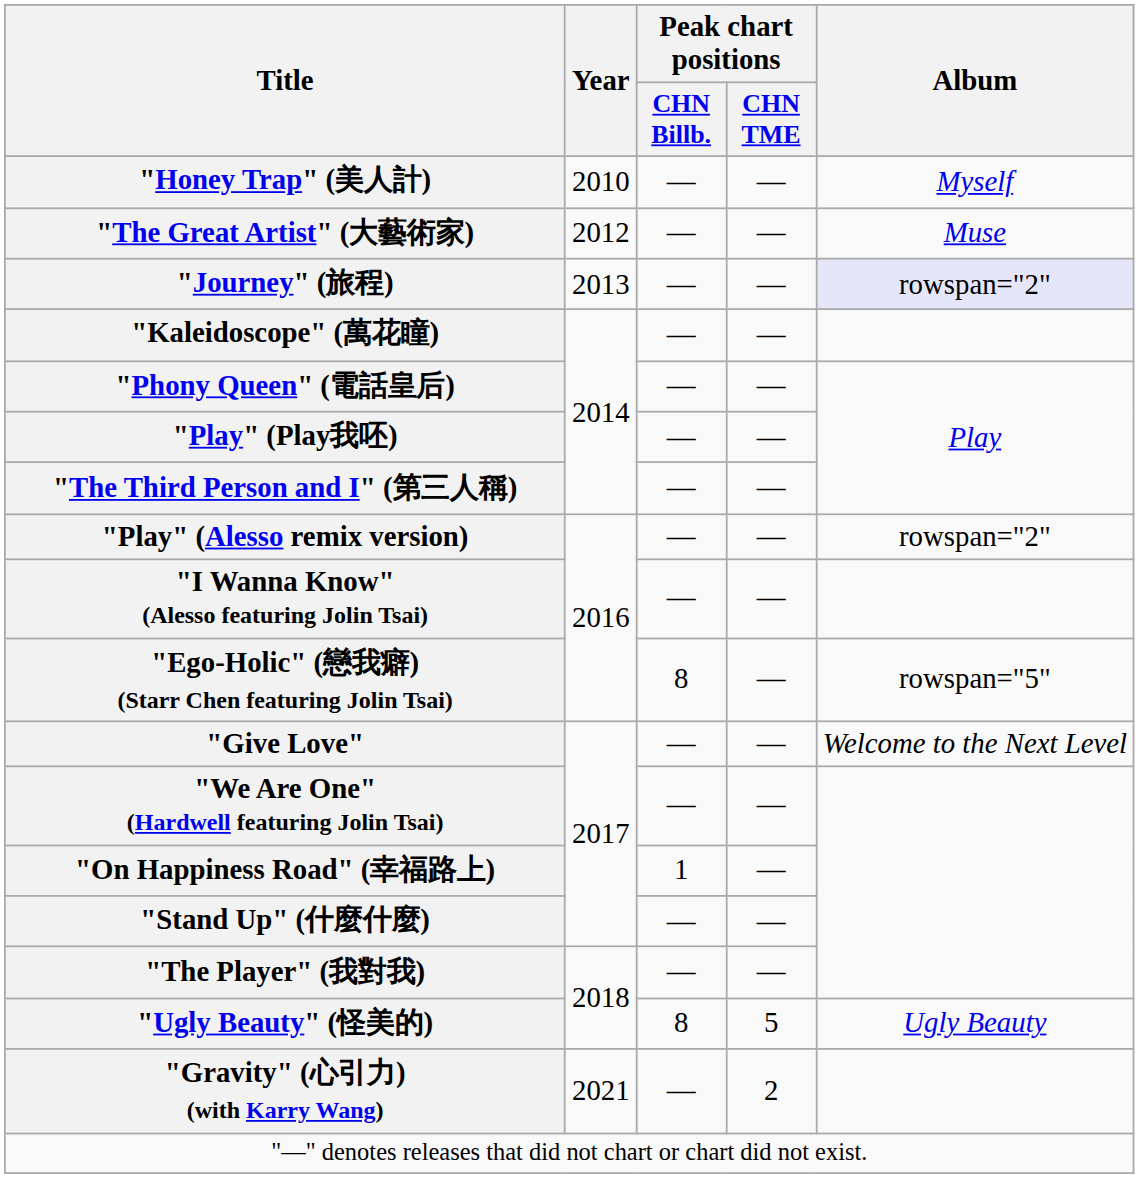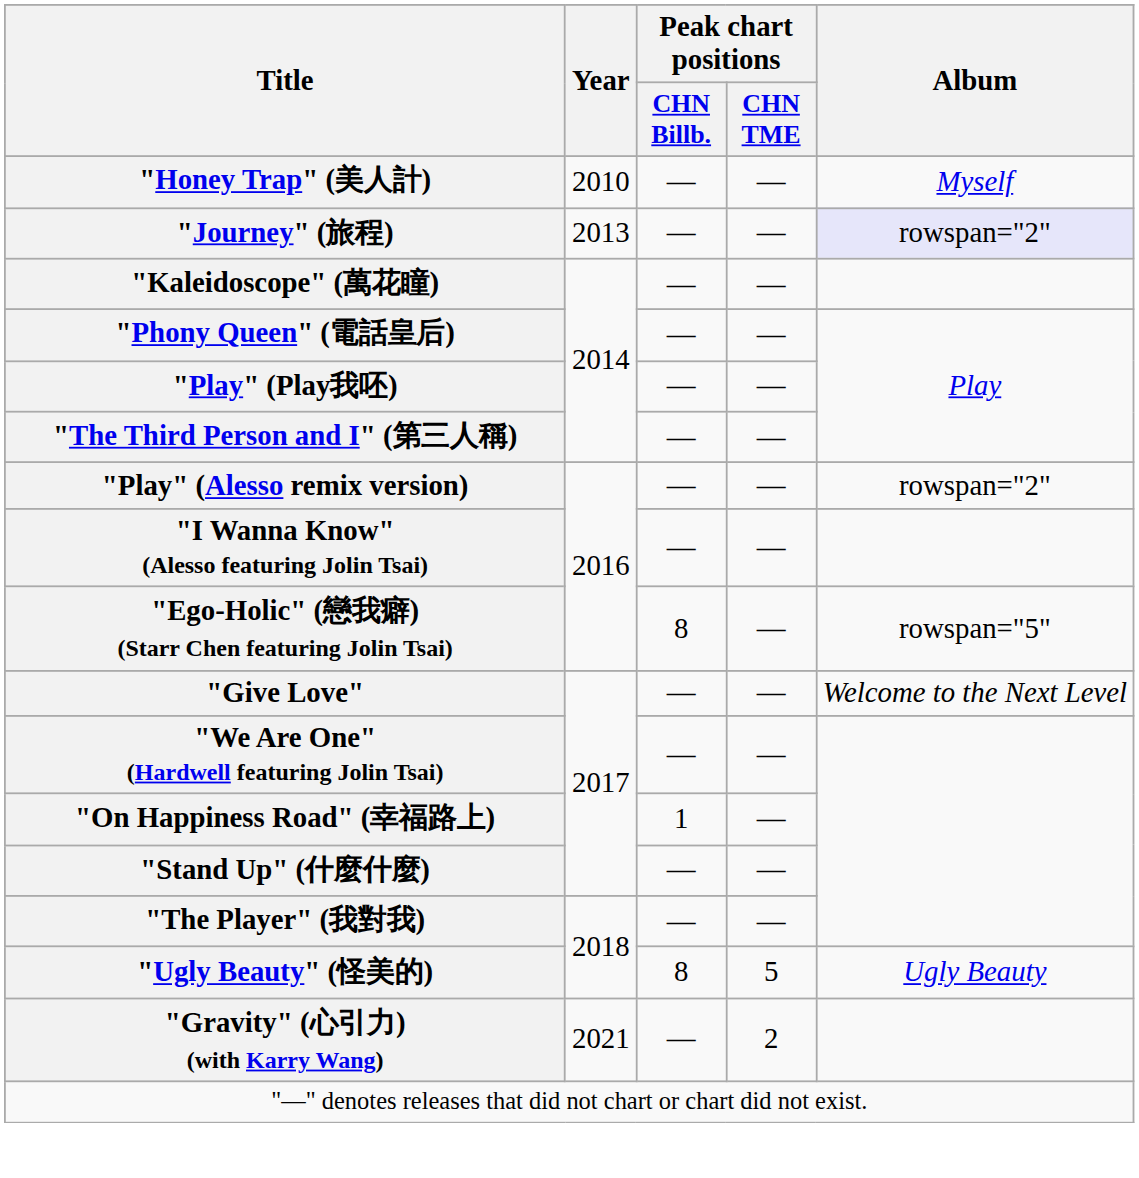 <table class="wikitable plainrowheaders" style="text-align:center;">
 <tr>
 <th rowspan="2" scope="col" style="width:19em;">Title</th>
 <th rowspan="2" scope="col">Year</th>
 <th colspan="2">Peak chart positions</th>
 <th rowspan="2" scope="col">Album</th>
 </tr>
 <tr>
 <th scope="col" style="width:3em;font-size:90%;"><a href='#'>CHN Billb.</a><br></th>
 <th scope="col" style="width:3em;font-size:90%;"><a href='#'>CHN TME</a><br></th>
 </tr>
 <tr>
 <th scope="row">"<a href='#'>Honey Trap</a>" (美人計)</th>
 <td>2010</td>
 <td>—</td>
 <td>—</td>
 <td><em><a href='#'>Myself</a></em></td>
-</tr>
-<tr>
-<th scope="row">"<a href='#'>The Great Artist</a>" (大藝術家)</th>
-<td>2012</td>
-<td>—</td>
-<td>—</td>
-<td><em><a href='#'>Muse</a></em></td>
 </tr>
 <tr>
 <th scope="row">"<a href='#'>Journey</a>" (旅程)</th>
 <td>2013</td>
 <td>—</td>
 <td>—</td>
 <td style="background: lavender;">rowspan="2" </td>
 </tr>
 <tr>
 <th scope="row">"Kaleidoscope" (萬花瞳)</th>
 <td rowspan="4">2014</td>
 <td>—</td>
 <td>—</td>
 </tr>
 <tr>
 <th scope="row">"<a href='#'>Phony Queen</a>" (電話皇后)</th>
 <td>—</td>
 <td>—</td>
 <td rowspan="3"><em><a href='#'>Play</a></em></td>
 </tr>
 <tr>
 <th scope="row">"<a href='#'>Play</a>" (Play我呸)</th>
 <td>—</td>
 <td>—</td>
 </tr>
 <tr>
 <th scope="row">"<a href='#'>The Third Person and I</a>" (第三人稱)</th>
 <td>—</td>
 <td>—</td>
 </tr>
 <tr>
 <th scope="row">"Play" (<a href='#'>Alesso</a> remix version)</th>
 <td rowspan="3">2016</td>
 <td>—</td>
 <td>—</td>
 <td>rowspan="2" </td>
 </tr>
 <tr>
 <th scope="row">"I Wanna Know"<br><small>(Alesso featuring Jolin Tsai)</small></th>
 <td>—</td>
 <td>—</td>
 </tr>
 <tr>
 <th scope="row">"Ego-Holic" (戀我癖)<br><small>(Starr Chen featuring Jolin Tsai)</small></th>
 <td>8</td>
 <td>—</td>
 <td>rowspan="5" </td>
 </tr>
 <tr>
 <th scope="row">"Give Love"</th>
 <td rowspan="4">2017</td>
 <td>—</td>
 <td>—</td>
 <td><em>Welcome to the Next Level</em></td>
 </tr>
 <tr>
 <th scope="row">"We Are One"<br><small>(<a href='#'>Hardwell</a> featuring Jolin Tsai)</small></th>
 <td>—</td>
 <td>—</td>
 </tr>
 <tr>
 <th scope="row">"On Happiness Road" (幸福路上)</th>
 <td>1</td>
 <td>—</td>
 </tr>
 <tr>
 <th scope="row">"Stand Up" (什麼什麼)</th>
 <td>—</td>
 <td>—</td>
 </tr>
 <tr>
 <th scope="row">"The Player" (我對我)</th>
 <td rowspan="2">2018</td>
 <td>—</td>
 <td>—</td>
 </tr>
 <tr>
 <th scope="row">"<a href='#'>Ugly Beauty</a>" (怪美的)</th>
 <td>8</td>
 <td>5</td>
 <td><em><a href='#'>Ugly Beauty</a></em></td>
 </tr>
 <tr>
 <th scope="row">"Gravity" (心引力)<br><small>(with <a href='#'>Karry Wang</a>)</small></th>
 <td>2021</td>
 <td>—</td>
 <td>2</td>
 <td></td>
 </tr>
 <tr>
 <td colspan="5" style="font-size:85%">"—" denotes releases that did not chart or chart did not exist.</td>
 </tr>
 </table>
